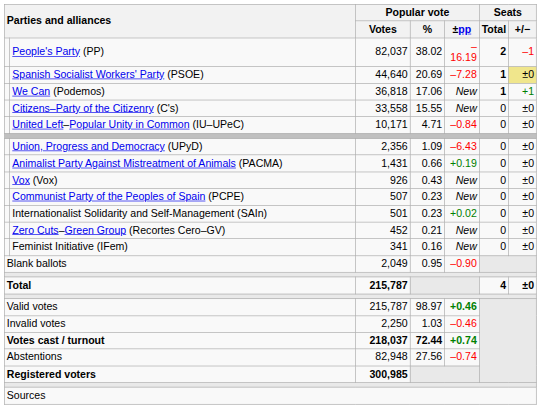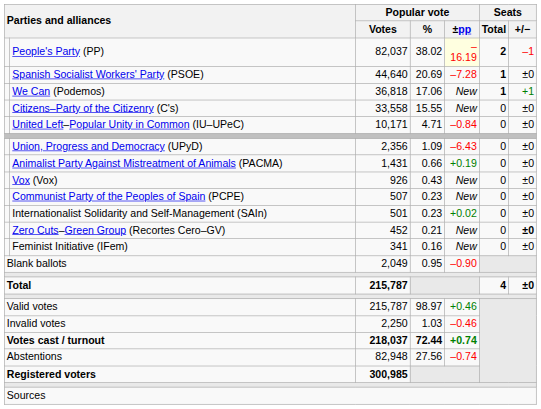 <table class="wikitable" style="text-align:right;">
 <tr>
 <th style="text-align:left;" rowspan="2" colspan="2" width="525">Parties and alliances</th>
 <th colspan="3">Popular vote</th>
 <th colspan="2">Seats</th>
 </tr>
 <tr>
 <th width="75">Votes</th>
 <th width="45">%</th>
 <th width="45">±<a href='#'>pp</a></th>
 <th width="35">Total</th>
 <th width="35">+/−</th>
 </tr>
 <tr>
 <td width="1" style="color:inherit;background:"></td>
 <td align="left"><a href='#'>People's Party</a> (PP)</td>
 <td>82,037</td>
 <td>38.02</td>
-<td style="color:red;">–16.19</td>
+<td style="background: lightyellow; color:red;">–16.19</td>
 <td><strong>2</strong></td>
 <td style="color:red;">–1</td>
 </tr>
 <tr>
 <td style="color:inherit;background:"></td>
 <td align="left"><a href='#'>Spanish Socialist Workers' Party</a> (PSOE)</td>
 <td>44,640</td>
 <td>20.69</td>
 <td style="color:red;">–7.28</td>
 <td><strong>1</strong></td>
-<td style="background: khaki;">±0</td>
+<td>±0</td>
 </tr>
 <tr>
 <td style="color:inherit;background:"></td>
 <td align="left"><a href='#'>We Can</a> (Podemos)</td>
 <td>36,818</td>
 <td>17.06</td>
 <td><em>New</em></td>
 <td><strong>1</strong></td>
 <td style="color:green;">+1</td>
 </tr>
 <tr>
 <td style="color:inherit;background:"></td>
 <td align="left"><a href='#'>Citizens–Party of the Citizenry</a> (C's)</td>
 <td>33,558</td>
 <td>15.55</td>
 <td><em>New</em></td>
 <td>0</td>
 <td>±0</td>
 </tr>
 <tr>
 <td style="color:inherit;background:"></td>
 <td align="left"><a href='#'>United Left</a>–<a href='#'>Popular Unity in Common</a> (IU–UPeC)</td>
 <td>10,171</td>
 <td>4.71</td>
 <td style="color:red;">–0.84</td>
 <td>0</td>
 <td>±0</td>
 </tr>
 <tr>
 <td colspan="7" bgcolor="#C0C0C0"></td>
 </tr>
 <tr>
 <td style="color:inherit;background:"></td>
 <td align="left"><a href='#'>Union, Progress and Democracy</a> (UPyD)</td>
 <td>2,356</td>
 <td>1.09</td>
 <td style="color:red;">–6.43</td>
 <td>0</td>
 <td>±0</td>
 </tr>
 <tr>
 <td style="color:inherit;background:"></td>
 <td align="left"><a href='#'>Animalist Party Against Mistreatment of Animals</a> (PACMA)</td>
 <td>1,431</td>
 <td>0.66</td>
 <td style="color:green;">+0.19</td>
 <td>0</td>
 <td>±0</td>
 </tr>
 <tr>
 <td style="color:inherit;background:"></td>
 <td align="left"><a href='#'>Vox</a> (Vox)</td>
 <td>926</td>
 <td>0.43</td>
 <td><em>New</em></td>
 <td>0</td>
 <td>±0</td>
 </tr>
 <tr>
 <td style="color:inherit;background:"></td>
 <td align="left"><a href='#'>Communist Party of the Peoples of Spain</a> (PCPE)</td>
 <td>507</td>
 <td>0.23</td>
 <td><em>New</em></td>
 <td>0</td>
 <td>±0</td>
 </tr>
 <tr>
 <td style="color:inherit;background:"></td>
 <td align="left">Internationalist Solidarity and Self-Management (SAIn)</td>
 <td>501</td>
 <td>0.23</td>
 <td style="color:green;">+0.02</td>
 <td>0</td>
 <td>±0</td>
 </tr>
 <tr>
 <td style="color:inherit;background:"></td>
 <td align="left"><a href='#'>Zero Cuts</a>–<a href='#'>Green Group</a> (Recortes Cero–GV)</td>
 <td>452</td>
 <td>0.21</td>
 <td><em>New</em></td>
 <td>0</td>
-<td>±0</td>
+<td><strong>±0</strong></td>
 </tr>
 <tr>
 <td style="color:inherit;background:"></td>
 <td align="left">Feminist Initiative (IFem)</td>
 <td>341</td>
 <td>0.16</td>
 <td><em>New</em></td>
 <td>0</td>
 <td>±0</td>
 </tr>
 <tr>
 <td align="left" colspan="2">Blank ballots</td>
 <td>2,049</td>
 <td>0.95</td>
 <td style="color:red;">–0.90</td>
 <td bgcolor="#E9E9E9" colspan="2"></td>
 </tr>
 <tr>
 <td colspan="7" bgcolor="#E9E9E9"></td>
 </tr>
 <tr style="font-weight:bold;">
 <td align="left" colspan="2">Total</td>
 <td>215,787</td>
 <td bgcolor="#E9E9E9" colspan="2"></td>
 <td>4</td>
 <td>±0</td>
 </tr>
 <tr>
 <td colspan="7" bgcolor="#E9E9E9"></td>
 </tr>
 <tr>
 <td align="left" colspan="2">Valid votes</td>
 <td>215,787</td>
 <td>98.97</td>
-<td style="color:green;"><strong>+0.46</strong></td>
+<td style="color:green;">+0.46</td>
 <td bgcolor="#E9E9E9" colspan="2" rowspan="5"></td>
 </tr>
 <tr>
 <td align="left" colspan="2">Invalid votes</td>
 <td>2,250</td>
 <td>1.03</td>
 <td style="color:red;">–0.46</td>
 </tr>
 <tr style="font-weight:bold;">
 <td align="left" colspan="2">Votes cast / turnout</td>
 <td>218,037</td>
 <td>72.44</td>
 <td style="color:green;">+0.74</td>
 </tr>
 <tr>
 <td align="left" colspan="2">Abstentions</td>
 <td>82,948</td>
 <td>27.56</td>
 <td style="color:red;">–0.74</td>
 </tr>
 <tr style="font-weight:bold;">
 <td align="left" colspan="2">Registered voters</td>
 <td>300,985</td>
 <td bgcolor="#E9E9E9" colspan="2"></td>
 </tr>
 <tr>
 <td colspan="7" bgcolor="#E9E9E9"></td>
 </tr>
 <tr>
 <td align="left" colspan="7">Sources</td>
 </tr>
 </table>
